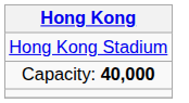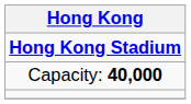 <table class="wikitable" style="text-align:center">
 <tr>
 <th><a href='#'>Hong Kong</a></th>
 </tr>
 <tr>
-<td><a href='#'>Hong Kong Stadium</a></td>
+<td><strong><a href='#'>Hong Kong Stadium</a></strong></td>
 </tr>
 <tr>
 <td>Capacity: <strong>40,000</strong></td>
 </tr>
 <tr>
 <td></td>
 </tr>
 <tr>
 </tr>
 </table>
